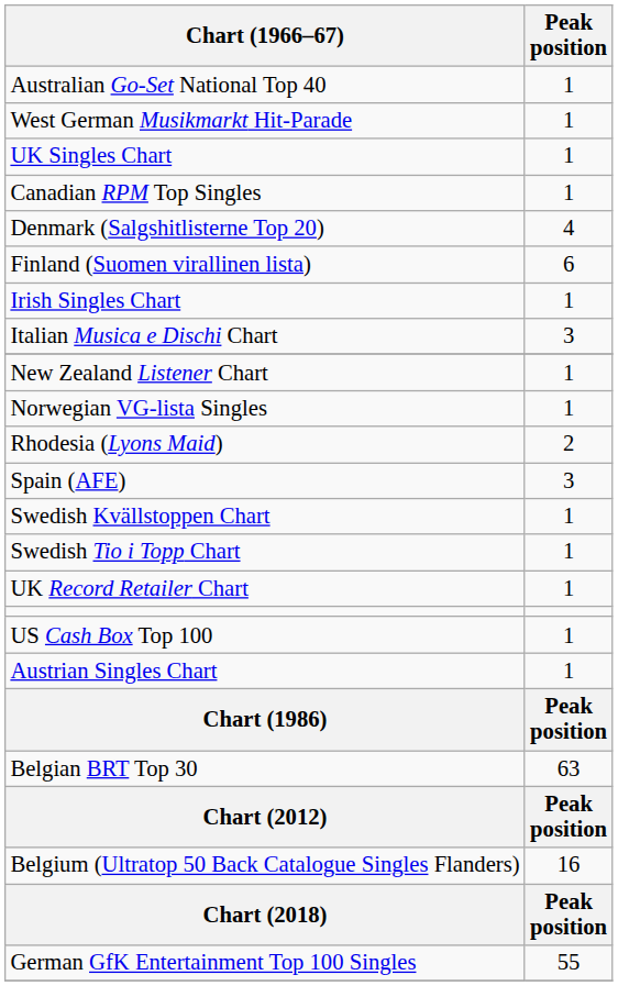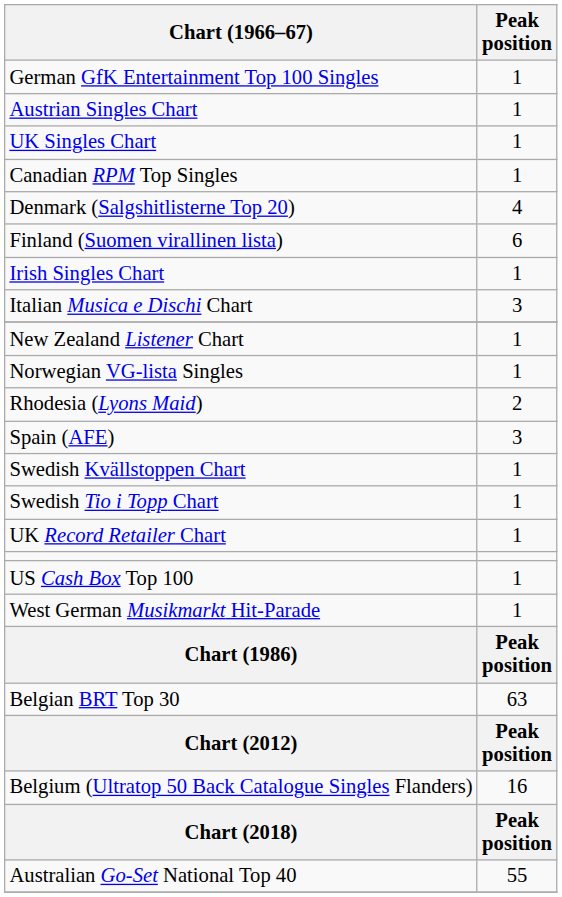 <table class="wikitable sortable">
 <tr>
 <th>Chart (1966–67)</th>
 <th>Peak<br>position</th>
 </tr>
 <tr>
-<td>Australian <em><a href='#'>Go-Set</a></em> National Top 40</td>
+<td>German <a href='#'>GfK Entertainment Top 100 Singles</a></td>
 <td align="center">1</td>
 </tr>
 <tr>
-<td>West German <a href='#'><em>Musikmarkt</em> Hit-Parade</a></td>
+<td><a href='#'>Austrian Singles Chart</a></td>
 <td align="center">1</td>
 </tr>
 <tr>
 <td><a href='#'>UK Singles Chart</a></td>
 <td align="center">1</td>
 </tr>
 <tr>
 <td>Canadian <em><a href='#'>RPM</a></em> Top Singles</td>
 <td align="center">1</td>
 </tr>
 <tr>
 <td>Denmark (<a href='#'>Salgshitlisterne Top 20</a>)</td>
 <td style="text-align:center;">4</td>
 </tr>
 <tr>
 <td>Finland (<a href='#'>Suomen virallinen lista</a>)</td>
 <td align="center">6</td>
 </tr>
 <tr>
 <td><a href='#'>Irish Singles Chart</a></td>
 <td align="center">1</td>
 </tr>
 <tr>
 <td>Italian <em><a href='#'>Musica e Dischi</a></em> Chart</td>
 <td align=center>3</td>
 </tr>
 <tr>
 </tr>
 <tr>
 </tr>
 <tr>
 <td>New Zealand <em><a href='#'>Listener</a></em> Chart</td>
 <td align="center">1</td>
 </tr>
 <tr>
 <td>Norwegian <a href='#'>VG-lista</a> Singles</td>
 <td align="center">1</td>
 </tr>
 <tr>
 <td>Rhodesia (<em><a href='#'>Lyons Maid</a></em>)</td>
 <td style="text-align:center;">2</td>
 </tr>
 <tr>
 <td>Spain (<a href='#'>AFE</a>)</td>
 <td align="center">3</td>
 </tr>
 <tr>
 <td>Swedish <a href='#'>Kvällstoppen Chart</a></td>
 <td align="center">1</td>
 </tr>
 <tr>
 <td>Swedish <a href='#'><em>Tio i Topp</em> Chart</a></td>
 <td style="text-align:center;">1</td>
 </tr>
 <tr>
 <td>UK <a href='#'><em>Record Retailer</em> Chart</a></td>
 <td align="center">1</td>
 </tr>
 <tr>
 <td></td>
 </tr>
 <tr>
 <td>US <em><a href='#'>Cash Box</a></em> Top 100</td>
 <td align="center">1</td>
 </tr>
 <tr>
-<td><a href='#'>Austrian Singles Chart</a></td>
+<td>West German <a href='#'><em>Musikmarkt</em> Hit-Parade</a></td>
 <td align="center">1</td>
 </tr>
 <tr>
 <th>Chart (1986)</th>
 <th>Peak<br>position</th>
 </tr>
 <tr>
 <td>Belgian <a href='#'>BRT</a> Top 30</td>
 <td align="center">63</td>
 </tr>
 <tr>
 <th>Chart (2012)</th>
 <th>Peak<br>position</th>
 </tr>
 <tr>
 <td>Belgium (<a href='#'>Ultratop 50 Back Catalogue Singles</a> Flanders)</td>
 <td align=center>16</td>
 </tr>
 <tr>
 <th>Chart (2018)</th>
 <th>Peak<br>position</th>
 </tr>
 <tr>
-<td>German <a href='#'>GfK Entertainment Top 100 Singles</a></td>
+<td>Australian <em><a href='#'>Go-Set</a></em> National Top 40</td>
 <td align="center">55</td>
 </tr>
 <tr>
 </tr>
 </table>
